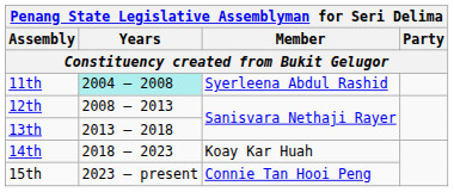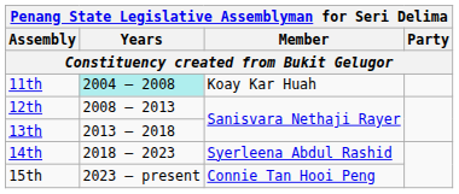 <table class="wikitable">
 <tr>
 <th colspan="4"><a href='#'>Penang State Legislative Assemblyman</a> for Seri Delima</th>
 </tr>
 <tr>
 <th>Assembly</th>
 <th>Years</th>
 <th>Member</th>
 <th>Party</th>
 </tr>
 <tr>
 <th colspan="4" align="center"><em>Constituency created from Bukit Gelugor</em></th>
 </tr>
 <tr>
 <td><a href='#'>11th</a></td>
 <td style="background: paleturquoise;">2004 – 2008</td>
-<td><a href='#'>Syerleena Abdul Rashid</a></td>
+<td>Koay Kar Huah</td>
 <td></td>
 </tr>
 <tr>
 <td><a href='#'>12th</a></td>
 <td>2008 – 2013</td>
 <td rowspan="2"><a href='#'>Sanisvara Nethaji Rayer</a></td>
 <td rowspan="2"></td>
 </tr>
 <tr>
 <td><a href='#'>13th</a></td>
 <td>2013 – 2018</td>
 </tr>
 <tr>
 <td><a href='#'>14th</a></td>
 <td>2018 – 2023</td>
-<td>Koay Kar Huah</td>
+<td><a href='#'>Syerleena Abdul Rashid</a></td>
 <td rowspan=2></td>
 </tr>
 <tr>
 <td>15th</td>
 <td>2023 – present</td>
 <td><a href='#'>Connie Tan Hooi Peng</a></td>
 </tr>
 </table>
